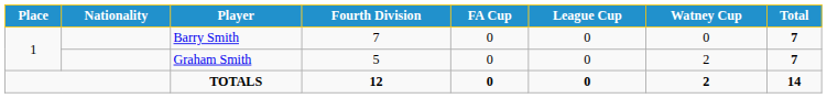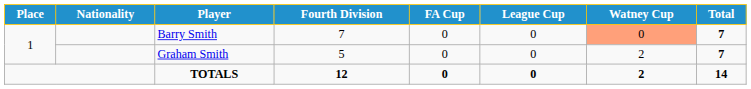 <table class="wikitable" style="text-align:center; font-size:90%; width:100%;">
 <tr>
 <th style="background:#2191CC; color:white; border:1px solid #F7C408; text-align:center;">Place</th>
 <th style="background:#2191CC; color:white; border:1px solid #F7C408; text-align:center;">Nationality</th>
 <th style="background:#2191CC; color:white; border:1px solid #F7C408; text-align:center;">Player</th>
 <th style="background:#2191CC; color:white; border:1px solid #F7C408; text-align:center;">Fourth Division</th>
 <th style="background:#2191CC; color:white; border:1px solid #F7C408; text-align:center;">FA Cup</th>
 <th style="background:#2191CC; color:white; border:1px solid #F7C408; text-align:center;">League Cup</th>
 <th style="background:#2191CC; color:white; border:1px solid #F7C408; text-align:center;">Watney Cup</th>
 <th style="background:#2191CC; color:white; border:1px solid #F7C408; text-align:center;">Total</th>
 </tr>
 <tr>
 <td rowspan="2">1</td>
 <td></td>
 <td align="left"><a href='#'>Barry Smith</a></td>
 <td>7</td>
 <td>0</td>
 <td>0</td>
-<td>0</td>
+<td style="background: lightsalmon;">0</td>
 <td><strong>7</strong></td>
 </tr>
 <tr>
 <td></td>
 <td align="left"><a href='#'>Graham Smith</a></td>
 <td>5</td>
 <td>0</td>
 <td>0</td>
 <td>2</td>
 <td><strong>7</strong></td>
 </tr>
 <tr>
 <td colspan="2"></td>
 <td><strong>TOTALS</strong></td>
 <td><strong>12</strong></td>
 <td><strong>0</strong></td>
 <td><strong>0</strong></td>
 <td><strong>2</strong></td>
 <td><strong>14</strong></td>
 </tr>
 </table>
